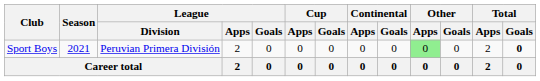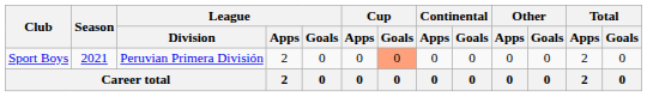 <table class="wikitable" style="text-align: center">
 <tr>
 <th rowspan="2">Club</th>
 <th rowspan="2">Season</th>
 <th colspan="3">League</th>
 <th colspan="2">Cup</th>
 <th colspan="2">Continental</th>
 <th colspan="2">Other</th>
 <th colspan="2">Total</th>
 </tr>
 <tr>
 <th>Division</th>
 <th>Apps</th>
 <th>Goals</th>
 <th>Apps</th>
 <th>Goals</th>
 <th>Apps</th>
 <th>Goals</th>
 <th>Apps</th>
 <th>Goals</th>
 <th>Apps</th>
 <th>Goals</th>
 </tr>
 <tr>
 <td><a href='#'>Sport Boys</a></td>
 <td><a href='#'>2021</a></td>
 <td><a href='#'>Peruvian Primera División</a></td>
 <td>2</td>
 <td>0</td>
 <td>0</td>
+<td style="background: lightsalmon;">0</td>
 <td>0</td>
 <td>0</td>
 <td>0</td>
-<td style="background: lightgreen;">0</td>
 <td>0</td>
 <td>2</td>
-<td><strong>0</strong></td>
+<td>0</td>
 </tr>
 <tr>
 <th colspan="3"><strong>Career total</strong></th>
 <th>2</th>
 <th>0</th>
 <th>0</th>
 <th>0</th>
 <th>0</th>
 <th>0</th>
 <th>0</th>
 <th>0</th>
 <th>2</th>
 <th>0</th>
 </tr>
 </table>
